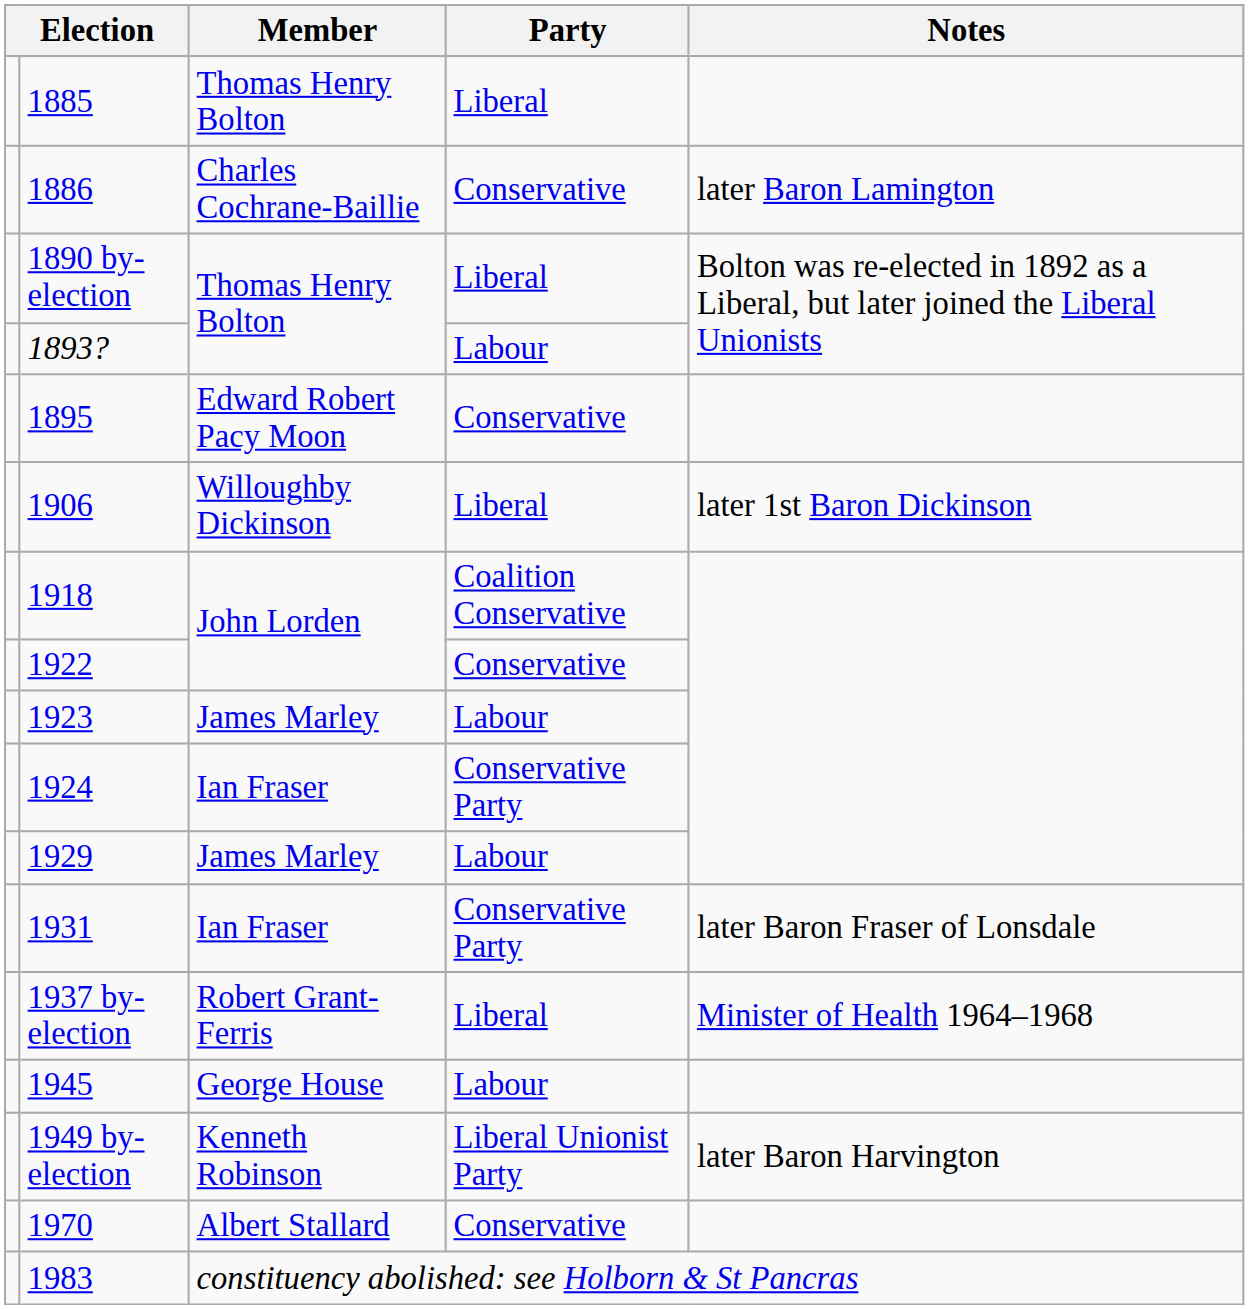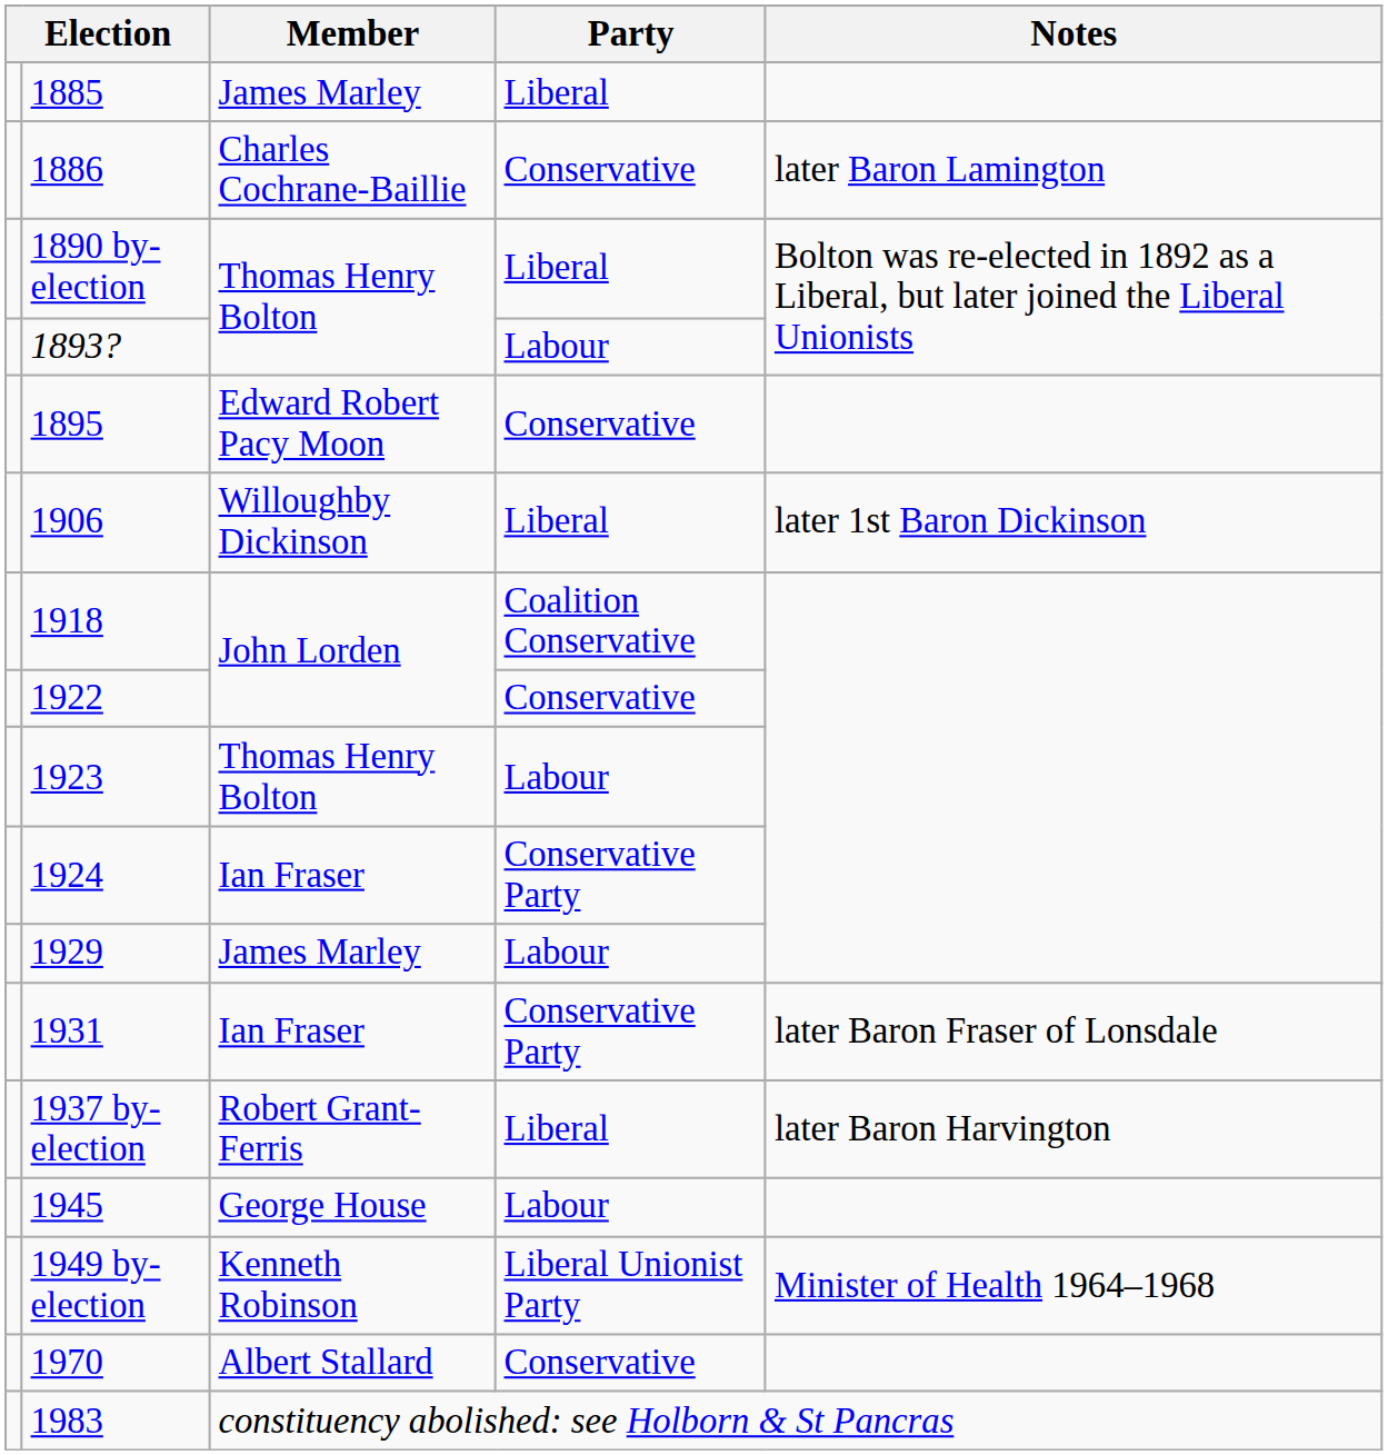 <table class="wikitable">
 <tr>
 <th colspan="2">Election</th>
 <th>Member</th>
 <th>Party</th>
 <th>Notes</th>
 </tr>
 <tr>
 <td style="color:inherit;background-color: "></td>
 <td><a href='#'>1885</a></td>
-<td><a href='#'>Thomas Henry Bolton</a></td>
+<td><a href='#'>James Marley</a></td>
 <td><a href='#'>Liberal</a></td>
 </tr>
 <tr>
 <td style="color:inherit;background-color: "></td>
 <td><a href='#'>1886</a></td>
 <td><a href='#'>Charles Cochrane-Baillie</a></td>
 <td><a href='#'>Conservative</a></td>
 <td>later <a href='#'>Baron Lamington</a></td>
 </tr>
 <tr>
 <td style="color:inherit;background-color: "></td>
 <td><a href='#'>1890 by-election</a></td>
 <td rowspan="2"><a href='#'>Thomas Henry Bolton</a></td>
 <td><a href='#'>Liberal</a></td>
 <td rowspan="2">Bolton was re-elected in 1892 as a Liberal, but later joined the <a href='#'>Liberal Unionists</a></td>
 </tr>
 <tr>
 <td style="color:inherit;background-color: "></td>
 <td><em>1893?</em></td>
 <td><a href='#'>Labour</a></td>
 </tr>
 <tr>
 <td style="color:inherit;background-color: "></td>
 <td><a href='#'>1895</a></td>
 <td><a href='#'>Edward Robert Pacy Moon</a></td>
 <td><a href='#'>Conservative</a></td>
 </tr>
 <tr>
 <td style="color:inherit;background-color: "></td>
 <td><a href='#'>1906</a></td>
 <td><a href='#'>Willoughby Dickinson</a></td>
 <td><a href='#'>Liberal</a></td>
 <td>later 1st <a href='#'>Baron Dickinson</a></td>
 </tr>
 <tr>
 <td style="color:inherit;background-color: "></td>
 <td><a href='#'>1918</a></td>
 <td rowspan="2"><a href='#'>John Lorden</a></td>
 <td><a href='#'>Coalition Conservative</a></td>
 </tr>
 <tr>
 <td style="color:inherit;background-color: "></td>
 <td><a href='#'>1922</a></td>
 <td><a href='#'>Conservative</a></td>
 </tr>
 <tr>
 <td style="color:inherit;background-color: "></td>
 <td><a href='#'>1923</a></td>
-<td><a href='#'>James Marley</a></td>
+<td><a href='#'>Thomas Henry Bolton</a></td>
 <td><a href='#'>Labour</a></td>
 </tr>
 <tr>
 <td style="color:inherit;background-color: "></td>
 <td><a href='#'>1924</a></td>
 <td><a href='#'>Ian Fraser</a></td>
 <td><a href='#'>Conservative Party</a></td>
 </tr>
 <tr>
 <td style="color:inherit;background-color: "></td>
 <td><a href='#'>1929</a></td>
 <td><a href='#'>James Marley</a></td>
 <td><a href='#'>Labour</a></td>
 </tr>
 <tr>
 <td style="color:inherit;background-color: "></td>
 <td><a href='#'>1931</a></td>
 <td><a href='#'>Ian Fraser</a></td>
 <td><a href='#'>Conservative Party</a></td>
 <td>later Baron Fraser of Lonsdale</td>
 </tr>
 <tr>
 <td style="color:inherit;background-color: "></td>
 <td><a href='#'>1937 by-election</a></td>
 <td><a href='#'>Robert Grant-Ferris</a></td>
 <td><a href='#'>Liberal</a></td>
-<td><a href='#'>Minister of Health</a> 1964–1968</td>
+<td>later Baron Harvington</td>
 </tr>
 <tr>
 <td style="color:inherit;background-color: "></td>
 <td><a href='#'>1945</a></td>
 <td><a href='#'>George House</a></td>
 <td><a href='#'>Labour</a></td>
 </tr>
 <tr>
 <td style="color:inherit;background-color: "></td>
 <td><a href='#'>1949 by-election</a></td>
 <td><a href='#'>Kenneth Robinson</a></td>
 <td><a href='#'>Liberal Unionist Party</a></td>
-<td>later Baron Harvington</td>
+<td><a href='#'>Minister of Health</a> 1964–1968</td>
 </tr>
 <tr>
 <td style="color:inherit;background-color: "></td>
 <td><a href='#'>1970</a></td>
 <td><a href='#'>Albert Stallard</a></td>
 <td><a href='#'>Conservative</a></td>
 <td></td>
 </tr>
 <tr>
 <td></td>
 <td><a href='#'>1983</a></td>
 <td colspan="3"><em>constituency abolished: see <a href='#'>Holborn & St Pancras</a></em></td>
 </tr>
 </table>
